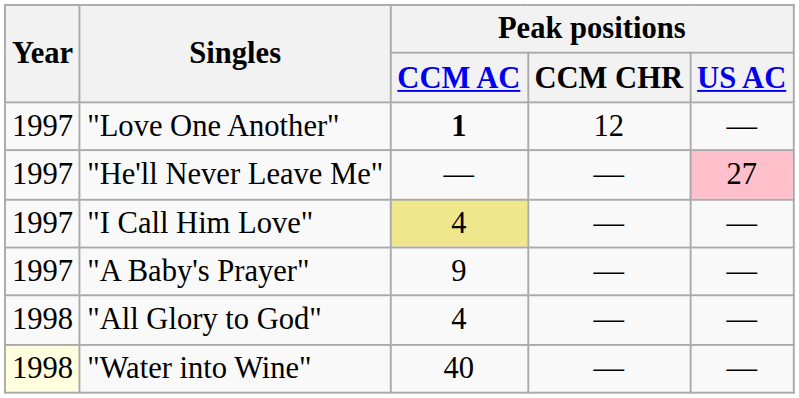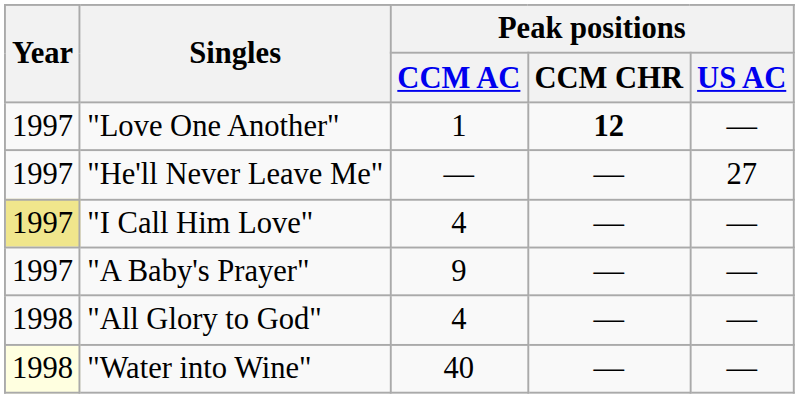 <table class="wikitable">
 <tr>
 <th rowspan="2">Year</th>
 <th rowspan="2">Singles</th>
 <th colspan="3">Peak positions</th>
 </tr>
 <tr>
 <th><a href='#'>CCM AC</a><br></th>
 <th>CCM CHR<br></th>
 <th><a href='#'>US AC</a></th>
 </tr>
 <tr>
 <td>1997</td>
 <td>"Love One Another"</td>
-<td align="center"><strong>1</strong></td>
-<td align="center">12</td>
+<td align="center">1</td>
+<td align="center"><strong>12</strong></td>
 <td align="center">—</td>
 </tr>
 <tr>
 <td>1997</td>
 <td>"He'll Never Leave Me"</td>
 <td align="center">—</td>
 <td align="center">—</td>
-<td align="center" style="background: pink;">27</td>
+<td align="center">27</td>
 </tr>
 <tr>
-<td>1997</td>
+<td style="background: khaki;">1997</td>
 <td>"I Call Him Love"</td>
-<td align="center" style="background: khaki;">4</td>
+<td align="center">4</td>
 <td align="center">—</td>
 <td align="center">—</td>
 </tr>
 <tr>
 <td>1997</td>
 <td>"A Baby's Prayer"</td>
 <td align="center">9</td>
 <td align="center">—</td>
 <td align="center">—</td>
 </tr>
 <tr>
 <td>1998</td>
 <td>"All Glory to God"</td>
 <td align="center">4</td>
 <td align="center">—</td>
 <td align="center">—</td>
 </tr>
 <tr>
 <td style="background: lightyellow;">1998</td>
 <td>"Water into Wine"</td>
 <td align="center">40</td>
 <td align="center">—</td>
 <td align="center">—</td>
 </tr>
 </table>
